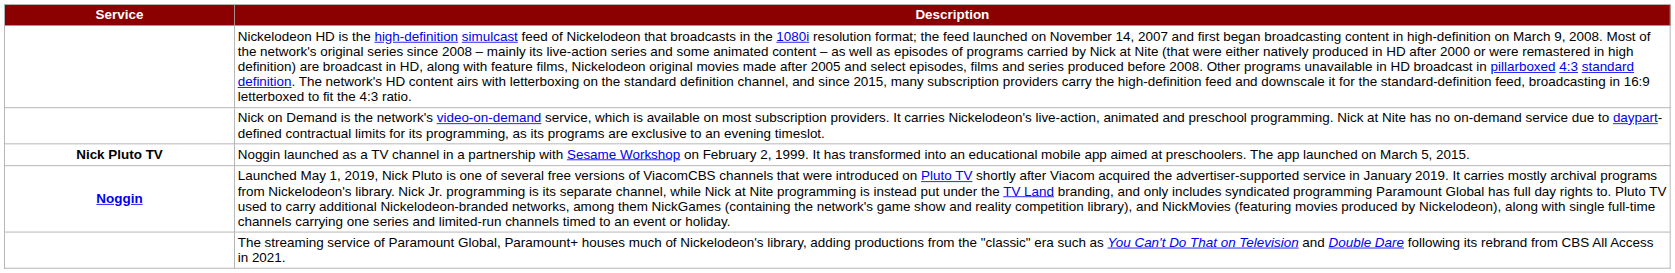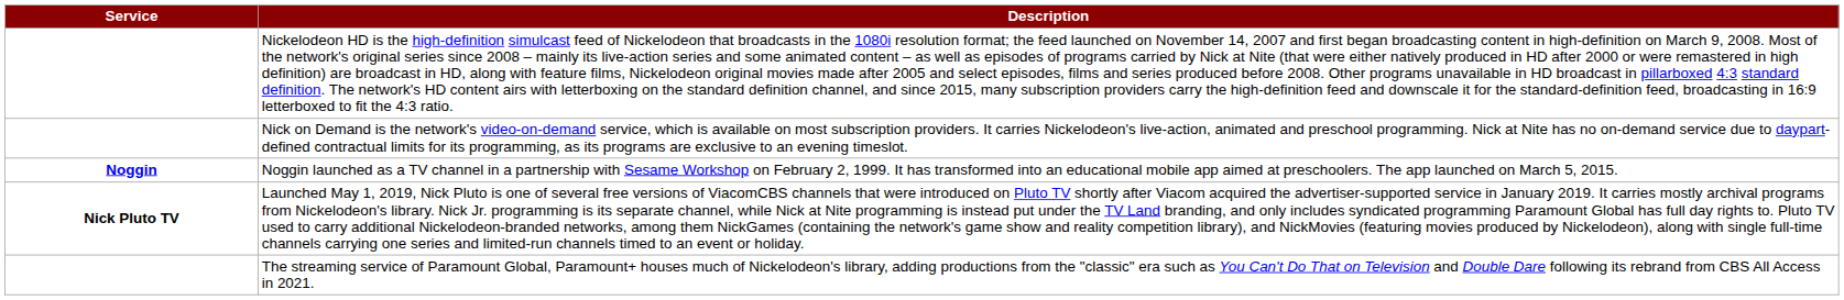 <table class="wikitable" style="width:100%; background:#fff;">
 <tr style="color:white;">
 <th style="background:darkRed;">Service</th>
 <th style="background:darkRed;">Description</th>
 </tr>
 <tr>
 <td style="text-align:center; width:200pt;"><strong></strong></td>
 <td>Nickelodeon HD is the <a href='#'>high-definition</a> <a href='#'>simulcast</a> feed of Nickelodeon that broadcasts in the <a href='#'>1080i</a> resolution format; the feed launched on November 14, 2007 and first began broadcasting content in high-definition on March 9, 2008. Most of the network's original series since 2008 – mainly its live-action series and some animated content – as well as episodes of programs carried by Nick at Nite (that were either natively produced in HD after 2000 or were remastered in high definition) are broadcast in HD, along with feature films, Nickelodeon original movies made after 2005 and select episodes, films and series produced before 2008. Other programs unavailable in HD broadcast in <a href='#'>pillarboxed</a> <a href='#'>4:3</a> <a href='#'>standard definition</a>. The network's HD content airs with letterboxing on the standard definition channel, and since 2015, many subscription providers carry the high-definition feed and downscale it for the standard-definition feed, broadcasting in 16:9 letterboxed to fit the 4:3 ratio.</td>
 </tr>
 <tr>
 <td style="text-align:center; width:200pt;"><strong></strong></td>
 <td>Nick on Demand is the network's <a href='#'>video-on-demand</a> service, which is available on most subscription providers. It carries Nickelodeon's live-action, animated and preschool programming. Nick at Nite has no on-demand service due to <a href='#'>daypart</a>-defined contractual limits for its programming, as its programs are exclusive to an evening timeslot.</td>
 </tr>
 <tr>
-<td style=" text-align:center; width:200pt;"><strong>Nick Pluto TV</strong></td>
+<td style=" text-align:center; width:200pt;"><strong><a href='#'>Noggin</a></strong></td>
 <td>Noggin launched as a TV channel in a partnership with <a href='#'>Sesame Workshop</a> on February 2, 1999. It has transformed into an educational mobile app aimed at preschoolers. The app launched on March 5, 2015.</td>
 </tr>
 <tr>
-<td style=" text-align:center; width:200pt;"><strong><a href='#'>Noggin</a></strong></td>
+<td style=" text-align:center; width:200pt;"><strong>Nick Pluto TV</strong></td>
 <td>Launched May 1, 2019, Nick Pluto is one of several free versions of ViacomCBS channels that were introduced on <a href='#'>Pluto TV</a> shortly after Viacom acquired the advertiser-supported service in January 2019. It carries mostly archival programs from Nickelodeon's library. Nick Jr. programming is its separate channel, while Nick at Nite programming is instead put under the <a href='#'>TV Land</a> branding, and only includes syndicated programming Paramount Global has full day rights to. Pluto TV used to carry additional Nickelodeon-branded networks, among them NickGames (containing the network's game show and reality competition library), and NickMovies (featuring movies produced by Nickelodeon), along with single full-time channels carrying one series and limited-run channels timed to an event or holiday.</td>
 </tr>
 <tr>
 <td style=" text-align:center; width:200pt;"><strong></strong></td>
 <td>The streaming service of Paramount Global, Paramount+ houses much of Nickelodeon's library, adding productions from the "classic" era such as <em><a href='#'>You Can't Do That on Television</a></em> and <em><a href='#'>Double Dare</a></em> following its rebrand from CBS All Access in 2021.</td>
 </tr>
 </table>
